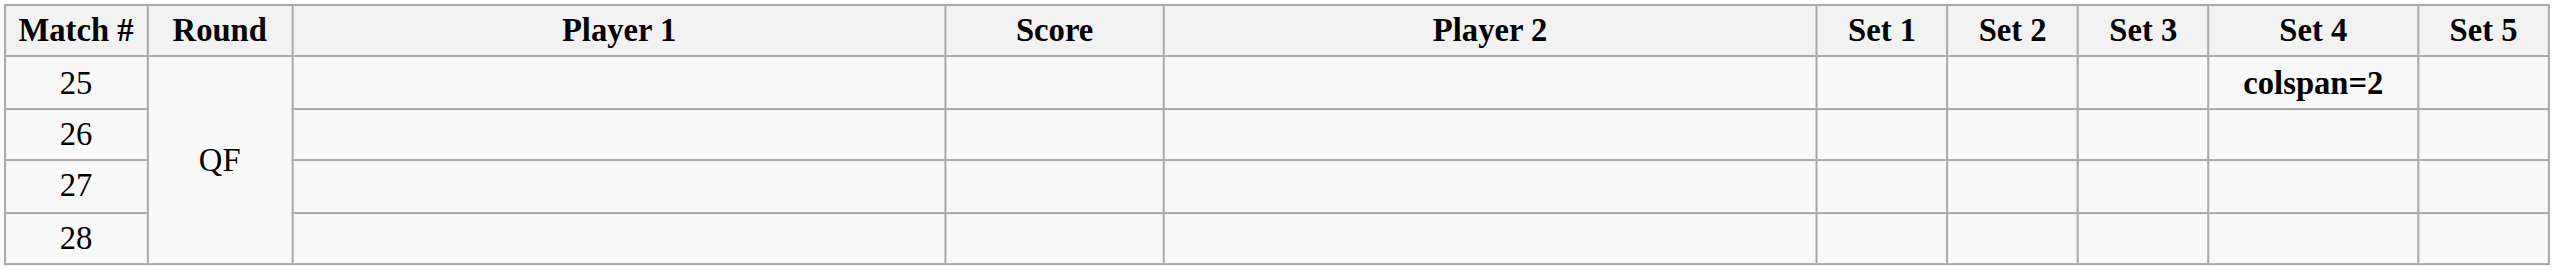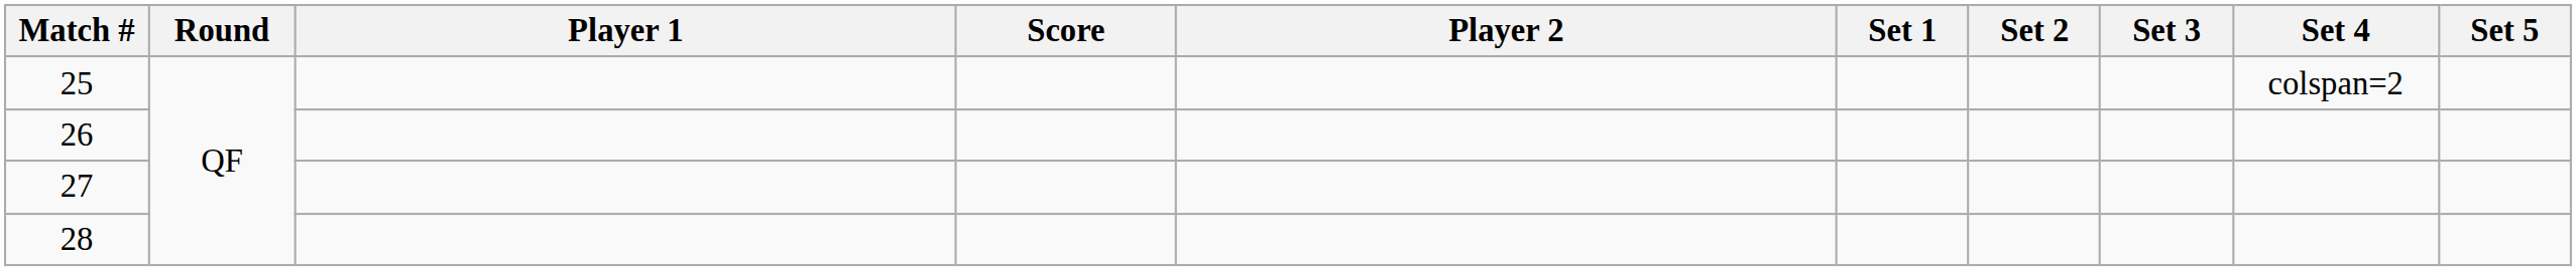 <table class="wikitable">
 <tr>
 <th width="2%">Match #</th>
 <th width="2%">Round</th>
 <th width="15%">Player 1</th>
 <th width="5%">Score</th>
 <th width="15%">Player 2</th>
 <th width="3%">Set 1</th>
 <th width="3%">Set 2</th>
 <th width="3%">Set 3</th>
 <th width="3%">Set 4</th>
 <th width="3%">Set 5</th>
 </tr>
 <tr style=text-align:center;>
 <td>25</td>
 <td rowspan=4>QF</td>
 <td></td>
 <td></td>
 <td></td>
 <td></td>
 <td></td>
 <td></td>
-<td><strong>colspan=2</strong></td>
+<td>colspan=2</td>
 </tr>
 <tr style=text-align:center;>
 <td>26</td>
 <td></td>
 <td></td>
 <td></td>
 <td></td>
 <td></td>
 <td></td>
 <td></td>
 <td></td>
 </tr>
 <tr style=text-align:center;>
 <td>27</td>
 <td></td>
 <td></td>
 <td></td>
 <td></td>
 <td></td>
 <td></td>
 <td></td>
 <td></td>
 </tr>
 <tr style=text-align:center;>
 <td>28</td>
 <td></td>
 <td></td>
 <td></td>
 <td></td>
 <td></td>
 <td></td>
 <td></td>
 <td></td>
 </tr>
 </table>
